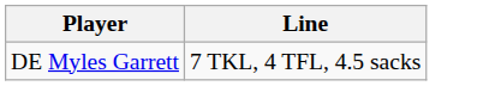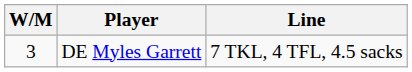 <table class="wikitable" style="text-align:center">
 <tr>
+<th>W/M</th>
 <th>Player</th>
 <th>Line</th>
 </tr>
 <tr>
+<td>3</td>
 <td>DE <a href='#'>Myles Garrett</a></td>
 <td>7 TKL, 4 TFL, 4.5 sacks</td>
 </tr>
 </table>
